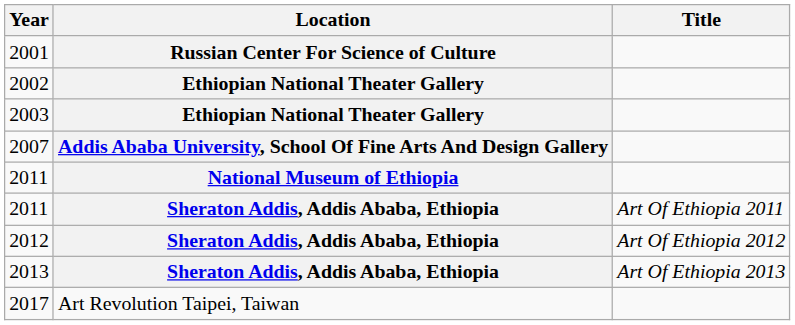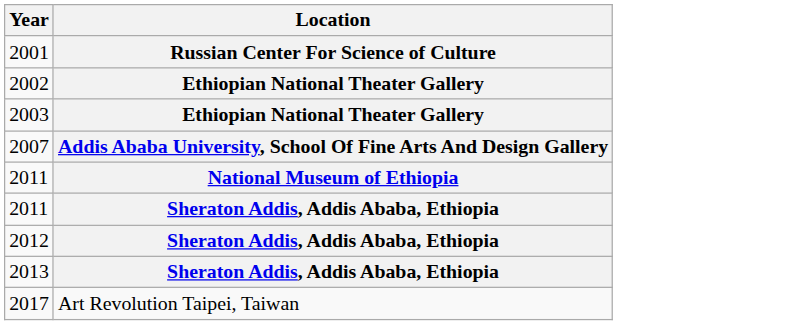 <table class="wikitable sortable plainrowheaders">
 <tr>
 <th scope="col">Year</th>
 <th scope="col">Location</th>
-<th scope="col">Title</th>
 </tr>
 <tr>
 <td>2001</td>
 <th scope="row">Russian Center For Science of Culture</th>
-<td></td>
 </tr>
 <tr>
 <td>2002</td>
 <th scope="row">Ethiopian National Theater Gallery</th>
-<td></td>
 </tr>
 <tr>
 <td>2003</td>
 <th scope="row">Ethiopian National Theater Gallery</th>
-<td></td>
 </tr>
 <tr>
 <td>2007</td>
 <th scope="row"><a href='#'>Addis Ababa University</a>, School Of Fine Arts And Design Gallery</th>
-<td></td>
 </tr>
 <tr>
 <td>2011</td>
 <th scope="row"><a href='#'>National Museum of Ethiopia</a></th>
-<td></td>
 </tr>
 <tr>
 <td>2011</td>
 <th scope="row"><a href='#'>Sheraton Addis</a>, Addis Ababa, Ethiopia</th>
-<td><em>Art Of Ethiopia 2011</em></td>
 </tr>
 <tr>
 <td>2012</td>
 <th scope="row"><a href='#'>Sheraton Addis</a>, Addis Ababa, Ethiopia</th>
-<td><em>Art Of Ethiopia 2012</em></td>
 </tr>
 <tr>
 <td>2013</td>
 <th scope="row"><a href='#'>Sheraton Addis</a>, Addis Ababa, Ethiopia</th>
-<td><em>Art Of Ethiopia 2013</em></td>
 </tr>
 <tr>
 <td>2017</td>
 <td>Art Revolution Taipei, Taiwan</td>
-<td></td>
 </tr>
 </table>
